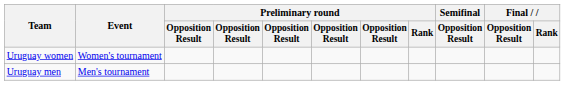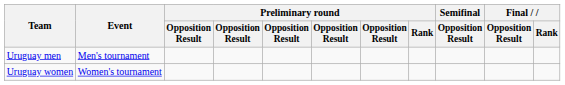 <table class=wikitable style=font-size:90%;text-align:center>
 <tr>
 <th rowspan=2>Team</th>
 <th rowspan=2>Event</th>
 <th colspan=6>Preliminary round</th>
 <th>Semifinal</th>
 <th colspan=2>Final /  / </th>
 </tr>
 <tr style=font-size:95%>
 <th>Opposition<br>Result</th>
 <th>Opposition<br>Result</th>
 <th>Opposition<br>Result</th>
 <th>Opposition<br>Result</th>
 <th>Opposition<br>Result</th>
 <th>Rank</th>
 <th>Opposition<br>Result</th>
 <th>Opposition<br>Result</th>
 <th>Rank</th>
 </tr>
 <tr>
+<td align=left><a href='#'>Uruguay men</a></td>
+<td align=left><a href='#'>Men's tournament</a></td>
+<td></td>
+<td></td>
+<td></td>
+<td></td>
+<td></td>
+<td></td>
+<td></td>
+<td></td>
+<td></td>
+</tr>
+<tr>
 <td align=left><a href='#'>Uruguay women</a></td>
 <td align=left><a href='#'>Women's tournament</a></td>
 <td></td>
 <td></td>
 <td></td>
 <td></td>
 <td></td>
 <td></td>
 <td></td>
 <td></td>
 <td></td>
 </tr>
-<tr>
-<td align=left><a href='#'>Uruguay men</a></td>
-<td align=left><a href='#'>Men's tournament</a></td>
-<td></td>
-<td></td>
-<td></td>
-<td></td>
-<td></td>
-<td></td>
-<td></td>
-<td></td>
-<td></td>
-</tr>
 </table>
